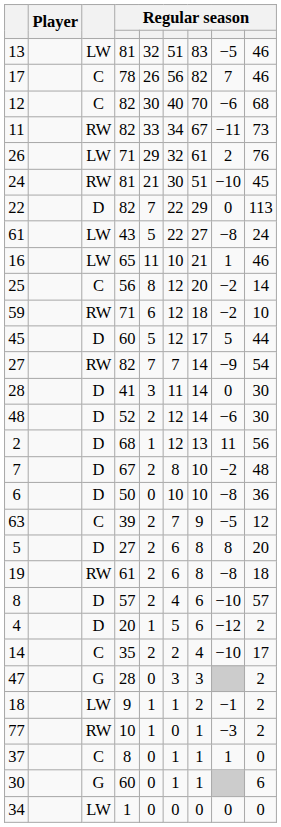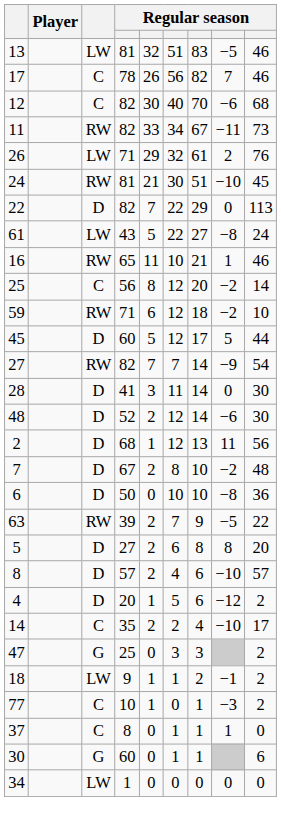 <table class="wikitable sortable plainrowheaders" style="text-align:center;">
 <tr>
 <th scope="col" data-sort-type="number" rowspan="2"></th>
 <th scope="col" rowspan="2">Player</th>
 <th scope="col" rowspan="2"></th>
 <th scope=colgroup colspan=6>Regular season</th>
 </tr>
 <tr>
 <th scope="col" data-sort-type="number"></th>
 <th scope="col" data-sort-type="number"></th>
 <th scope="col" data-sort-type="number"></th>
 <th scope="col" data-sort-type="number"></th>
 <th scope="col" data-sort-type="number"></th>
 <th scope="col" data-sort-type="number"></th>
 </tr>
 <tr>
 <td scope="row">13</td>
 <td align="left"></td>
 <td>LW</td>
 <td>81</td>
 <td>32</td>
 <td>51</td>
 <td>83</td>
 <td>−5</td>
 <td>46</td>
 </tr>
 <tr>
 <td scope="row">17</td>
 <td align="left"></td>
 <td>C</td>
 <td>78</td>
 <td>26</td>
 <td>56</td>
 <td>82</td>
 <td>7</td>
 <td>46</td>
 </tr>
 <tr>
 <td scope="row">12</td>
 <td align="left"></td>
 <td>C</td>
 <td>82</td>
 <td>30</td>
 <td>40</td>
 <td>70</td>
 <td>−6</td>
 <td>68</td>
 </tr>
 <tr>
 <td scope="row">11</td>
 <td align="left"></td>
 <td>RW</td>
 <td>82</td>
 <td>33</td>
 <td>34</td>
 <td>67</td>
 <td>−11</td>
 <td>73</td>
 </tr>
 <tr>
 <td scope="row">26</td>
 <td align="left"></td>
 <td>LW</td>
 <td>71</td>
 <td>29</td>
 <td>32</td>
 <td>61</td>
 <td>2</td>
 <td>76</td>
 </tr>
 <tr>
 <td scope="row">24</td>
 <td align="left"></td>
 <td>RW</td>
 <td>81</td>
 <td>21</td>
 <td>30</td>
 <td>51</td>
 <td>−10</td>
 <td>45</td>
 </tr>
 <tr>
 <td scope="row">22</td>
 <td align="left"></td>
 <td>D</td>
 <td>82</td>
 <td>7</td>
 <td>22</td>
 <td>29</td>
 <td>0</td>
 <td>113</td>
 </tr>
 <tr>
 <td scope="row">61</td>
 <td align="left"></td>
 <td>LW</td>
 <td>43</td>
 <td>5</td>
 <td>22</td>
 <td>27</td>
 <td>−8</td>
 <td>24</td>
 </tr>
 <tr>
 <td scope="row">16</td>
 <td align="left"></td>
-<td>LW</td>
+<td>RW</td>
 <td>65</td>
 <td>11</td>
 <td>10</td>
 <td>21</td>
 <td>1</td>
 <td>46</td>
 </tr>
 <tr>
 <td scope="row">25</td>
 <td align="left"></td>
 <td>C</td>
 <td>56</td>
 <td>8</td>
 <td>12</td>
 <td>20</td>
 <td>−2</td>
 <td>14</td>
 </tr>
 <tr>
 <td scope="row">59</td>
 <td align="left"></td>
 <td>RW</td>
 <td>71</td>
 <td>6</td>
 <td>12</td>
 <td>18</td>
 <td>−2</td>
 <td>10</td>
 </tr>
 <tr>
 <td scope="row">45</td>
 <td align="left"></td>
 <td>D</td>
 <td>60</td>
 <td>5</td>
 <td>12</td>
 <td>17</td>
 <td>5</td>
 <td>44</td>
 </tr>
 <tr>
 <td scope="row">27</td>
 <td align="left"></td>
 <td>RW</td>
 <td>82</td>
 <td>7</td>
 <td>7</td>
 <td>14</td>
 <td>−9</td>
 <td>54</td>
 </tr>
 <tr>
 <td scope="row">28</td>
 <td align="left"></td>
 <td>D</td>
 <td>41</td>
 <td>3</td>
 <td>11</td>
 <td>14</td>
 <td>0</td>
 <td>30</td>
 </tr>
 <tr>
 <td scope="row">48</td>
 <td align="left"></td>
 <td>D</td>
 <td>52</td>
 <td>2</td>
 <td>12</td>
 <td>14</td>
 <td>−6</td>
 <td>30</td>
 </tr>
 <tr>
 <td scope="row">2</td>
 <td align="left"></td>
 <td>D</td>
 <td>68</td>
 <td>1</td>
 <td>12</td>
 <td>13</td>
 <td>11</td>
 <td>56</td>
 </tr>
 <tr>
 <td scope="row">7</td>
 <td align="left"></td>
 <td>D</td>
 <td>67</td>
 <td>2</td>
 <td>8</td>
 <td>10</td>
 <td>−2</td>
 <td>48</td>
 </tr>
 <tr>
 <td scope="row">6</td>
 <td align="left"></td>
 <td>D</td>
 <td>50</td>
 <td>0</td>
 <td>10</td>
 <td>10</td>
 <td>−8</td>
 <td>36</td>
 </tr>
 <tr>
 <td scope="row">63</td>
 <td align="left"></td>
-<td>C</td>
+<td>RW</td>
 <td>39</td>
 <td>2</td>
 <td>7</td>
 <td>9</td>
 <td>−5</td>
-<td>12</td>
+<td>22</td>
 </tr>
 <tr>
 <td scope="row">5</td>
 <td align="left"></td>
 <td>D</td>
 <td>27</td>
 <td>2</td>
 <td>6</td>
 <td>8</td>
 <td>8</td>
 <td>20</td>
-</tr>
-<tr>
-<td scope="row">19</td>
-<td align="left"></td>
-<td>RW</td>
-<td>61</td>
-<td>2</td>
-<td>6</td>
-<td>8</td>
-<td>−8</td>
-<td>18</td>
 </tr>
 <tr>
 <td scope="row">8</td>
 <td align="left"></td>
 <td>D</td>
 <td>57</td>
 <td>2</td>
 <td>4</td>
 <td>6</td>
 <td>−10</td>
 <td>57</td>
 </tr>
 <tr>
 <td scope="row">4</td>
 <td align="left"></td>
 <td>D</td>
 <td>20</td>
 <td>1</td>
 <td>5</td>
 <td>6</td>
 <td>−12</td>
 <td>2</td>
 </tr>
 <tr>
 <td scope="row">14</td>
 <td align="left"></td>
 <td>C</td>
 <td>35</td>
 <td>2</td>
 <td>2</td>
 <td>4</td>
 <td>−10</td>
 <td>17</td>
 </tr>
 <tr>
 <td scope="row">47</td>
 <td align="left"></td>
 <td>G</td>
-<td>28</td>
+<td>25</td>
 <td>0</td>
 <td>3</td>
 <td>3</td>
 <td style="background:#ccc"></td>
 <td>2</td>
 </tr>
 <tr>
 <td scope="row">18</td>
 <td align="left"></td>
 <td>LW</td>
 <td>9</td>
 <td>1</td>
 <td>1</td>
 <td>2</td>
 <td>−1</td>
 <td>2</td>
 </tr>
 <tr>
 <td scope="row">77</td>
 <td align="left"></td>
-<td>RW</td>
+<td>C</td>
 <td>10</td>
 <td>1</td>
 <td>0</td>
 <td>1</td>
 <td>−3</td>
 <td>2</td>
 </tr>
 <tr>
 <td scope="row">37</td>
 <td align="left"></td>
 <td>C</td>
 <td>8</td>
 <td>0</td>
 <td>1</td>
 <td>1</td>
 <td>1</td>
 <td>0</td>
 </tr>
 <tr>
 <td scope="row">30</td>
 <td align="left"></td>
 <td>G</td>
 <td>60</td>
 <td>0</td>
 <td>1</td>
 <td>1</td>
 <td style="background:#ccc"></td>
 <td>6</td>
 </tr>
 <tr>
 <td scope="row">34</td>
 <td align="left"></td>
 <td>LW</td>
 <td>1</td>
 <td>0</td>
 <td>0</td>
 <td>0</td>
 <td>0</td>
 <td>0</td>
 </tr>
 </table>
